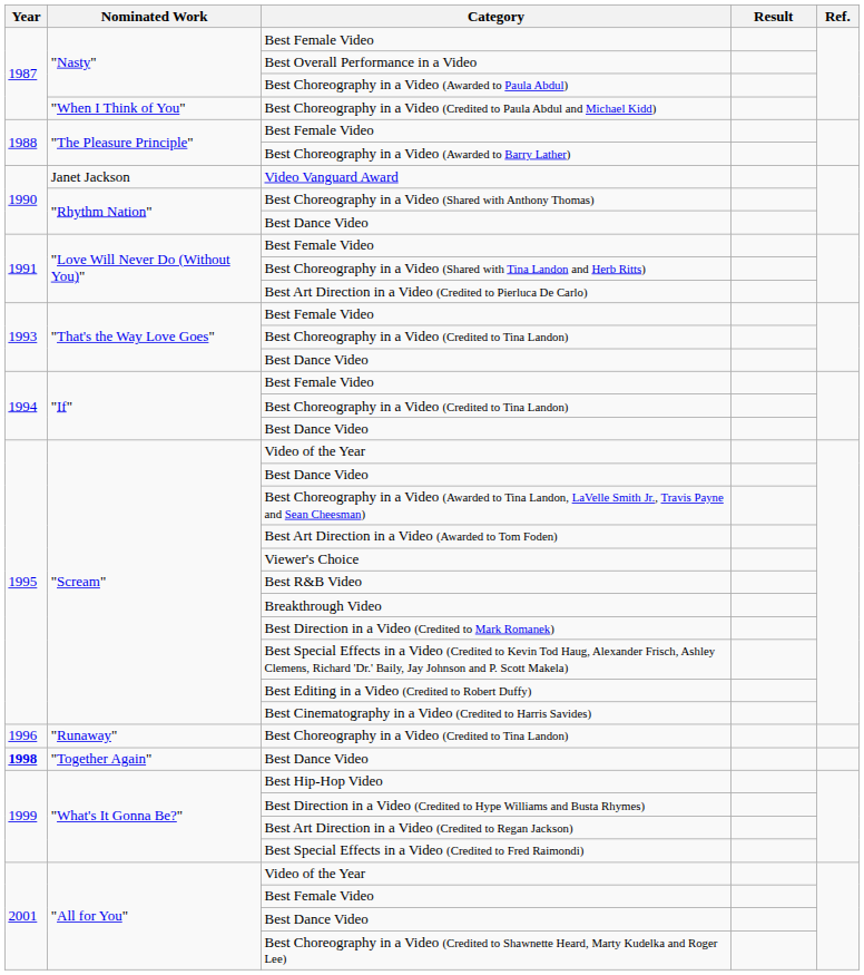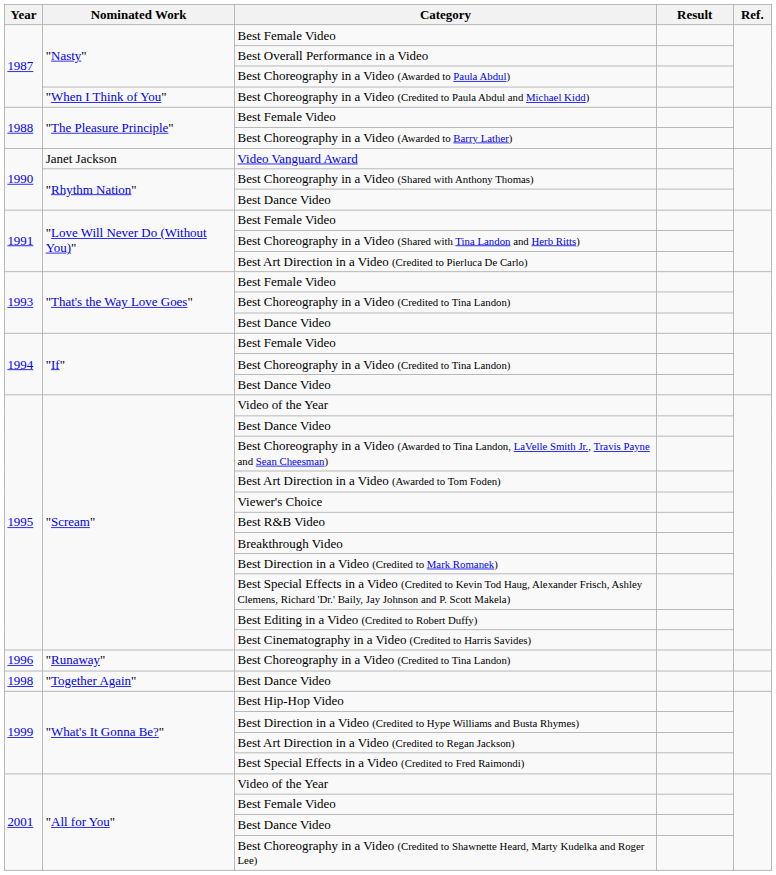 <table class="wikitable" width="75%">
 <tr>
 <th width="5%">Year</th>
 <th width="25%">Nominated Work</th>
 <th width="55%">Category</th>
 <th width="10%">Result</th>
 <th width="5%">Ref.</th>
 </tr>
 <tr>
 <td rowspan="4"><a href='#'>1987</a></td>
 <td rowspan="3">"<a href='#'>Nasty</a>"</td>
 <td>Best Female Video</td>
 <td></td>
 <td rowspan="4"></td>
 </tr>
 <tr>
 <td>Best Overall Performance in a Video</td>
 <td></td>
 </tr>
 <tr>
 <td>Best Choreography in a Video <small>(Awarded to <a href='#'>Paula Abdul</a>)</small></td>
 <td></td>
 </tr>
 <tr>
 <td>"<a href='#'>When I Think of You</a>"</td>
 <td>Best Choreography in a Video <small>(Credited to Paula Abdul and <a href='#'>Michael Kidd</a>)</small></td>
 <td></td>
 </tr>
 <tr>
 <td rowspan="2"><a href='#'>1988</a></td>
 <td rowspan="2">"<a href='#'>The Pleasure Principle</a>"</td>
 <td>Best Female Video</td>
 <td></td>
 <td rowspan="2"></td>
 </tr>
 <tr>
 <td>Best Choreography in a Video <small>(Awarded to <a href='#'>Barry Lather</a>)</small></td>
 <td></td>
 </tr>
 <tr>
 <td rowspan="3"><a href='#'>1990</a></td>
 <td>Janet Jackson</td>
 <td><a href='#'>Video Vanguard Award</a></td>
 <td></td>
 <td rowspan="3"></td>
 </tr>
 <tr>
 <td rowspan="2">"<a href='#'>Rhythm Nation</a>"</td>
 <td>Best Choreography in a Video <small>(Shared with Anthony Thomas)</small></td>
 <td></td>
 </tr>
 <tr>
 <td>Best Dance Video</td>
 <td></td>
 </tr>
 <tr>
 <td rowspan="3"><a href='#'>1991</a></td>
 <td rowspan="3">"<a href='#'>Love Will Never Do (Without You)</a>"</td>
 <td>Best Female Video</td>
 <td></td>
 <td rowspan="3"></td>
 </tr>
 <tr>
 <td>Best Choreography in a Video <small>(Shared with <a href='#'>Tina Landon</a> and <a href='#'>Herb Ritts</a>)</small></td>
 <td></td>
 </tr>
 <tr>
 <td>Best Art Direction in a Video <small>(Credited to Pierluca De Carlo)</small></td>
 <td></td>
 </tr>
 <tr>
 <td rowspan="3"><a href='#'>1993</a></td>
 <td rowspan="3">"<a href='#'>That's the Way Love Goes</a>"</td>
 <td>Best Female Video</td>
 <td></td>
 <td rowspan="3"></td>
 </tr>
 <tr>
 <td>Best Choreography in a Video <small>(Credited to Tina Landon)</small></td>
 <td></td>
 </tr>
 <tr>
 <td>Best Dance Video</td>
 <td></td>
 </tr>
 <tr>
 <td rowspan="3"><a href='#'>1994</a></td>
 <td rowspan="3">"<a href='#'>If</a>"</td>
 <td>Best Female Video</td>
 <td></td>
 <td rowspan="3"></td>
 </tr>
 <tr>
 <td>Best Choreography in a Video <small>(Credited to Tina Landon)</small></td>
 <td></td>
 </tr>
 <tr>
 <td>Best Dance Video</td>
 <td></td>
 </tr>
 <tr>
 <td rowspan="11"><a href='#'>1995</a></td>
 <td rowspan="11">"<a href='#'>Scream</a>"</td>
 <td>Video of the Year</td>
 <td></td>
 <td rowspan="11"></td>
 </tr>
 <tr>
 <td>Best Dance Video</td>
 <td></td>
 </tr>
 <tr>
 <td>Best Choreography in a Video <small>(Awarded to Tina Landon, <a href='#'>LaVelle Smith Jr.</a>, <a href='#'>Travis Payne</a> and <a href='#'>Sean Cheesman</a>)</small></td>
 <td></td>
 </tr>
 <tr>
 <td>Best Art Direction in a Video <small>(Awarded to Tom Foden)</small></td>
 <td></td>
 </tr>
 <tr>
 <td>Viewer's Choice</td>
 <td></td>
 </tr>
 <tr>
 <td>Best R&B Video</td>
 <td></td>
 </tr>
 <tr>
 <td>Breakthrough Video</td>
 <td></td>
 </tr>
 <tr>
 <td>Best Direction in a Video <small>(Credited to <a href='#'>Mark Romanek</a>)</small></td>
 <td></td>
 </tr>
 <tr>
 <td>Best Special Effects in a Video <small>(Credited to Kevin Tod Haug, Alexander Frisch, Ashley Clemens, Richard 'Dr.' Baily, Jay Johnson and P. Scott Makela)</small></td>
 <td></td>
 </tr>
 <tr>
 <td>Best Editing in a Video <small>(Credited to Robert Duffy)</small></td>
 <td></td>
 </tr>
 <tr>
 <td>Best Cinematography in a Video <small>(Credited to Harris Savides)</small></td>
 <td></td>
 </tr>
 <tr>
 <td><a href='#'>1996</a></td>
 <td>"<a href='#'>Runaway</a>"</td>
 <td>Best Choreography in a Video <small>(Credited to Tina Landon)</small></td>
 <td></td>
 <td></td>
 </tr>
 <tr>
-<td><strong><a href='#'>1998</a></strong></td>
+<td><a href='#'>1998</a></td>
 <td>"<a href='#'>Together Again</a>"</td>
 <td>Best Dance Video</td>
 <td></td>
 <td></td>
 </tr>
 <tr>
 <td rowspan="4"><a href='#'>1999</a></td>
 <td rowspan="4">"<a href='#'>What's It Gonna Be?</a>"</td>
 <td>Best Hip-Hop Video</td>
 <td></td>
 <td rowspan="4"></td>
 </tr>
 <tr>
 <td>Best Direction in a Video <small>(Credited to Hype Williams and Busta Rhymes)</small></td>
 <td></td>
 </tr>
 <tr>
 <td>Best Art Direction in a Video <small>(Credited to Regan Jackson)</small></td>
 <td></td>
 </tr>
 <tr>
 <td>Best Special Effects in a Video <small>(Credited to Fred Raimondi)</small></td>
 <td></td>
 </tr>
 <tr>
 <td rowspan="4"><a href='#'>2001</a></td>
 <td rowspan="4">"<a href='#'>All for You</a>"</td>
 <td>Video of the Year</td>
 <td></td>
 <td rowspan="4"></td>
 </tr>
 <tr>
 <td>Best Female Video</td>
 <td></td>
 </tr>
 <tr>
 <td>Best Dance Video</td>
 <td></td>
 </tr>
 <tr>
 <td>Best Choreography in a Video <small>(Credited to Shawnette Heard, Marty Kudelka and Roger Lee)</small></td>
 <td></td>
 </tr>
 </table>
